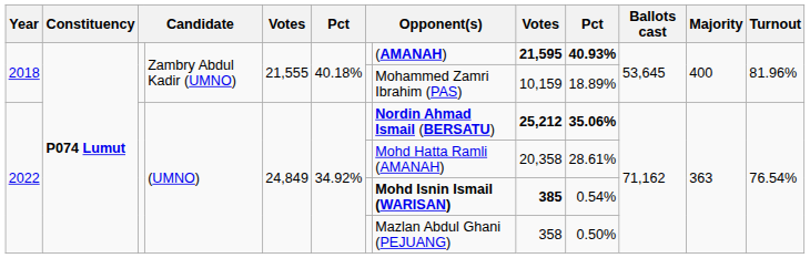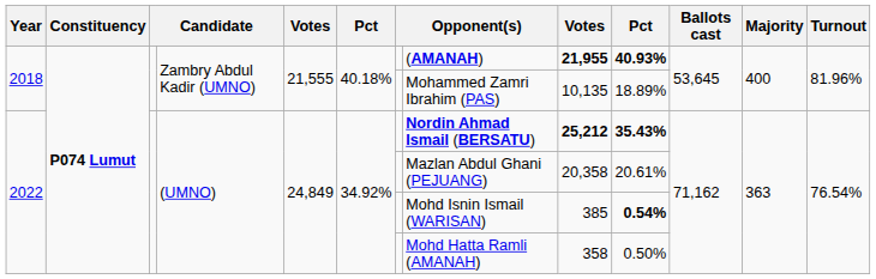 <table class="wikitable" style="margin:0.5em ; font-size:95%">
 <tr>
 <th>Year</th>
 <th>Constituency</th>
 <th colspan=2>Candidate</th>
 <th>Votes</th>
 <th>Pct</th>
 <th colspan=2>Opponent(s)</th>
 <th>Votes</th>
 <th>Pct</th>
 <th>Ballots cast</th>
 <th>Majority</th>
 <th>Turnout</th>
 </tr>
 <tr>
 <td rowspan=2><a href='#'>2018</a></td>
 <td rowspan=6><strong>P074 <a href='#'>Lumut</a></strong></td>
 <td rowspan=2 ></td>
 <td rowspan=2>Zambry Abdul Kadir (<a href='#'>UMNO</a>)</td>
 <td rowspan=2 align="right">21,555</td>
 <td rowspan=2>40.18%</td>
 <td></td>
 <td> (<strong><a href='#'>AMANAH</a></strong>)</td>
-<td align="right"><strong>21,595</strong></td>
+<td align="right"><strong>21,955</strong></td>
 <td><strong>40.93%</strong></td>
 <td rowspan=2>53,645</td>
 <td rowspan=2>400</td>
 <td rowspan=2>81.96%</td>
 </tr>
 <tr>
 <td></td>
 <td>Mohammed Zamri Ibrahim (<a href='#'>PAS</a>)</td>
-<td align="right">10,159</td>
+<td align="right">10,135</td>
 <td>18.89%</td>
 </tr>
 <tr>
 <td rowspan=4><a href='#'>2022</a></td>
 <td rowspan=4 ></td>
 <td rowspan=4> (<a href='#'>UMNO</a>)</td>
 <td rowspan=4 align="right">24,849</td>
 <td rowspan=4>34.92%</td>
 <td bgcolor=></td>
 <td><strong><a href='#'>Nordin Ahmad Ismail</a></strong> (<a href='#'><strong>BERSATU</strong></a>)</td>
 <td align="right"><strong>25,212</strong></td>
-<td><strong>35.06%</strong></td>
+<td><strong>35.43%</strong></td>
 <td rowspan=4>71,162</td>
 <td rowspan=4>363</td>
 <td rowspan=4>76.54%</td>
 </tr>
 <tr>
 <td></td>
-<td><a href='#'>Mohd Hatta Ramli</a> (<a href='#'>AMANAH</a>)</td>
+<td>Mazlan Abdul Ghani (<a href='#'>PEJUANG</a>)</td>
 <td align="right">20,358</td>
-<td>28.61%</td>
+<td>20.61%</td>
 </tr>
 <tr>
 <td></td>
-<td><strong>Mohd Isnin Ismail (<a href='#'>WARISAN</a>)</strong></td>
-<td align="right"><strong>385</strong></td>
-<td align=right>0.54%</td>
+<td>Mohd Isnin Ismail (<a href='#'>WARISAN</a>)</td>
+<td align="right">385</td>
+<td align=right><strong>0.54%</strong></td>
 </tr>
 <tr>
 <td bgcolor=></td>
-<td>Mazlan Abdul Ghani (<a href='#'>PEJUANG</a>)</td>
+<td><a href='#'>Mohd Hatta Ramli</a> (<a href='#'>AMANAH</a>)</td>
 <td align="right">358</td>
 <td align=right>0.50%</td>
 </tr>
 </table>
